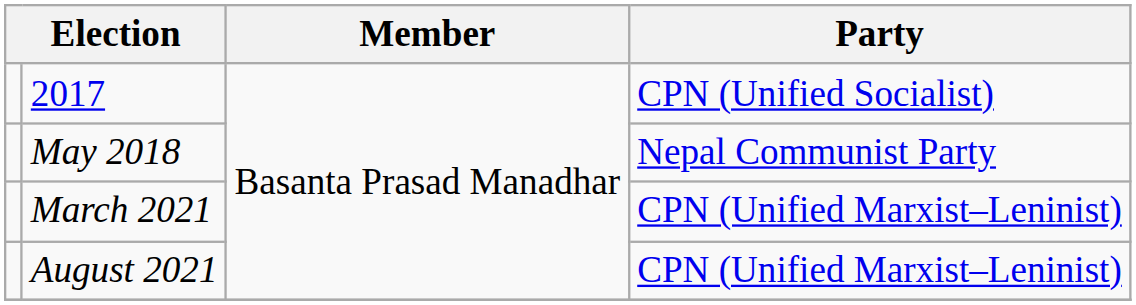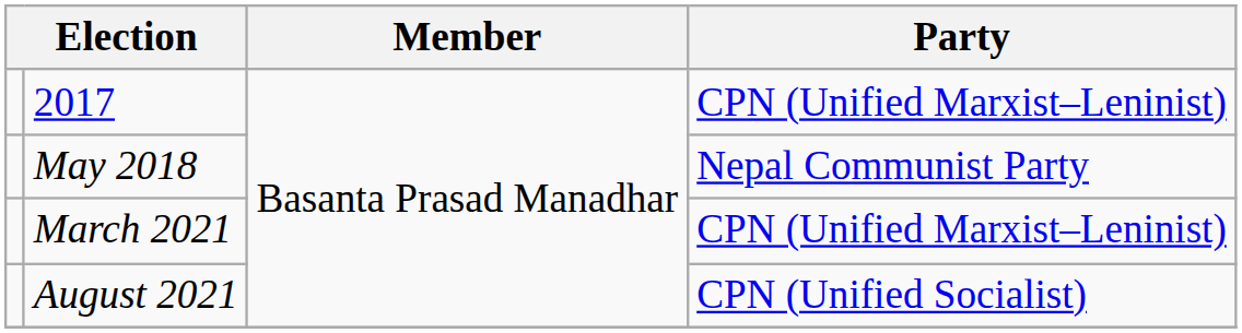 <table class="wikitable">
 <tr>
 <th colspan="2">Election</th>
 <th>Member</th>
 <th>Party</th>
 </tr>
 <tr>
 <td style="background-color:"></td>
 <td><a href='#'>2017</a></td>
 <td rowspan="4">Basanta Prasad Manadhar</td>
-<td><a href='#'>CPN (Unified Socialist)</a></td>
+<td><a href='#'>CPN (Unified Marxist–Leninist)</a></td>
 </tr>
 <tr>
 <td style="background-color:"></td>
 <td><em>May 2018</em></td>
 <td><a href='#'>Nepal Communist Party</a></td>
 </tr>
 <tr>
 <td style="background-color:"></td>
 <td><em>March 2021</em></td>
 <td><a href='#'>CPN (Unified Marxist–Leninist)</a></td>
 </tr>
 <tr>
 <td style="background-color:"></td>
 <td><em>August 2021</em></td>
-<td><a href='#'>CPN (Unified Marxist–Leninist)</a></td>
+<td><a href='#'>CPN (Unified Socialist)</a></td>
 </tr>
 <tr>
 </tr>
 </table>
